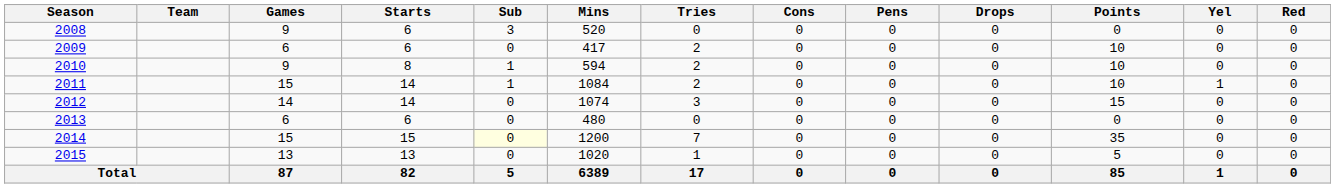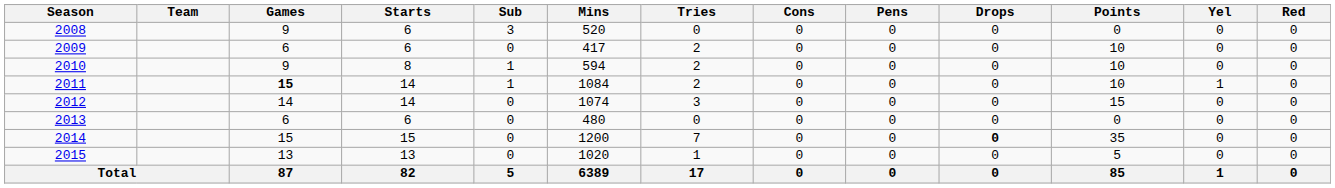 <table class="wikitable" style="text-align:center; line-height:90%; font-size:95%; width:100%;">
 <tr>
 <th>Season</th>
 <th>Team</th>
 <th>Games</th>
 <th>Starts</th>
 <th>Sub</th>
 <th>Mins</th>
 <th>Tries</th>
 <th>Cons</th>
 <th>Pens</th>
 <th>Drops</th>
 <th>Points</th>
 <th>Yel</th>
 <th>Red</th>
 </tr>
 <tr>
 <td><a href='#'>2008</a></td>
 <td></td>
 <td>9</td>
 <td>6</td>
 <td>3</td>
 <td>520</td>
 <td>0</td>
 <td>0</td>
 <td>0</td>
 <td>0</td>
 <td>0</td>
 <td>0</td>
 <td>0</td>
 </tr>
 <tr>
 <td><a href='#'>2009</a></td>
 <td></td>
 <td>6</td>
 <td>6</td>
 <td>0</td>
 <td>417</td>
 <td>2</td>
 <td>0</td>
 <td>0</td>
 <td>0</td>
 <td>10</td>
 <td>0</td>
 <td>0</td>
 </tr>
 <tr>
 <td><a href='#'>2010</a></td>
 <td></td>
 <td>9</td>
 <td>8</td>
 <td>1</td>
 <td>594</td>
 <td>2</td>
 <td>0</td>
 <td>0</td>
 <td>0</td>
 <td>10</td>
 <td>0</td>
 <td>0</td>
 </tr>
 <tr>
 <td><a href='#'>2011</a></td>
 <td></td>
-<td>15</td>
+<td><strong>15</strong></td>
 <td>14</td>
 <td>1</td>
 <td>1084</td>
 <td>2</td>
 <td>0</td>
 <td>0</td>
 <td>0</td>
 <td>10</td>
 <td>1</td>
 <td>0</td>
 </tr>
 <tr>
 <td><a href='#'>2012</a></td>
 <td></td>
 <td>14</td>
 <td>14</td>
 <td>0</td>
 <td>1074</td>
 <td>3</td>
 <td>0</td>
 <td>0</td>
 <td>0</td>
 <td>15</td>
 <td>0</td>
 <td>0</td>
 </tr>
 <tr>
 <td><a href='#'>2013</a></td>
 <td></td>
 <td>6</td>
 <td>6</td>
 <td>0</td>
 <td>480</td>
 <td>0</td>
 <td>0</td>
 <td>0</td>
 <td>0</td>
 <td>0</td>
 <td>0</td>
 <td>0</td>
 </tr>
 <tr>
 <td><a href='#'>2014</a></td>
 <td></td>
 <td>15</td>
 <td>15</td>
-<td style="background: lightyellow;">0</td>
+<td>0</td>
 <td>1200</td>
 <td>7</td>
 <td>0</td>
 <td>0</td>
-<td>0</td>
+<td><strong>0</strong></td>
 <td>35</td>
 <td>0</td>
 <td>0</td>
 </tr>
 <tr>
 <td><a href='#'>2015</a></td>
 <td></td>
 <td>13</td>
 <td>13</td>
 <td>0</td>
 <td>1020</td>
 <td>1</td>
 <td>0</td>
 <td>0</td>
 <td>0</td>
 <td>5</td>
 <td>0</td>
 <td>0</td>
 </tr>
 <tr>
 <th colspan="2">Total</th>
 <th>87</th>
 <th>82</th>
 <th>5</th>
 <th>6389</th>
 <th>17</th>
 <th>0</th>
 <th>0</th>
 <th>0</th>
 <th>85</th>
 <th>1</th>
 <th>0</th>
 </tr>
 </table>
